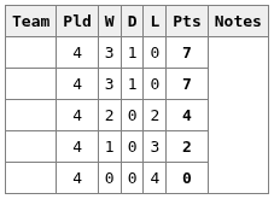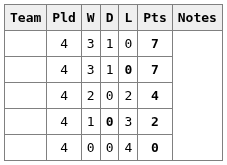 <table style=border-collapse:collapse border=1 cellspacing=0 cellpadding=5>
 <tr align=center bgcolor=#efefef>
 <th>Team</th>
 <th>Pld</th>
 <th>W</th>
 <th>D</th>
 <th>L</th>
 <th>Pts</th>
 <th>Notes</th>
 </tr>
 <tr align=center style="background:#FFFFFF;">
 <td style="text-align:left;"> </td>
 <td>4</td>
 <td>3</td>
 <td>1</td>
 <td>0</td>
 <td><strong>7</strong></td>
 <td rowspan=5></td>
 </tr>
 <tr align=center style="background:#FFFFFF;">
 <td style="text-align:left;"> </td>
 <td>4</td>
 <td>3</td>
 <td>1</td>
-<td>0</td>
+<td><strong>0</strong></td>
 <td><strong>7</strong></td>
 </tr>
 <tr align=center style="background:#FFFFFF;">
 <td style="text-align:left;"> </td>
 <td>4</td>
 <td>2</td>
 <td>0</td>
 <td>2</td>
 <td><strong>4</strong></td>
 </tr>
 <tr align=center style="background:#FFFFFF;">
 <td style="text-align:left;"> </td>
 <td>4</td>
 <td>1</td>
-<td>0</td>
+<td><strong>0</strong></td>
 <td>3</td>
 <td><strong>2</strong></td>
 </tr>
 <tr align=center style="background:#FFFFFF;">
 <td style="text-align:left;"> </td>
 <td>4</td>
 <td>0</td>
 <td>0</td>
 <td>4</td>
 <td><strong>0</strong></td>
 </tr>
 </table>
